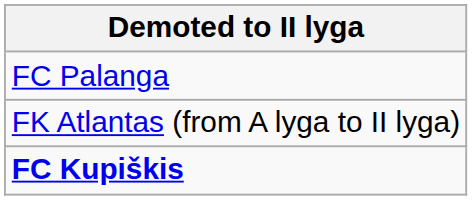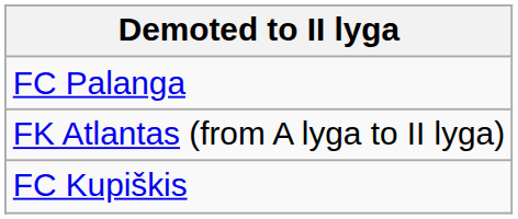 <table class="wikitable">
 <tr>
 <th> Demoted to II lyga</th>
 </tr>
 <tr>
 <td><a href='#'>FC Palanga</a></td>
 </tr>
 <tr>
 <td><a href='#'>FK Atlantas</a> (from A lyga to II lyga)</td>
 </tr>
 <tr>
-<td><strong><a href='#'>FC Kupiškis</a></strong></td>
+<td><a href='#'>FC Kupiškis</a></td>
 </tr>
 </table>
